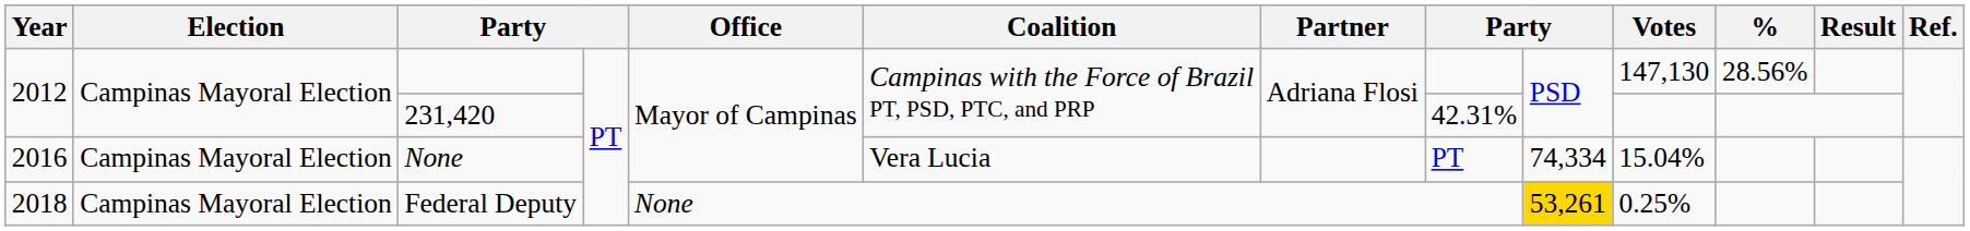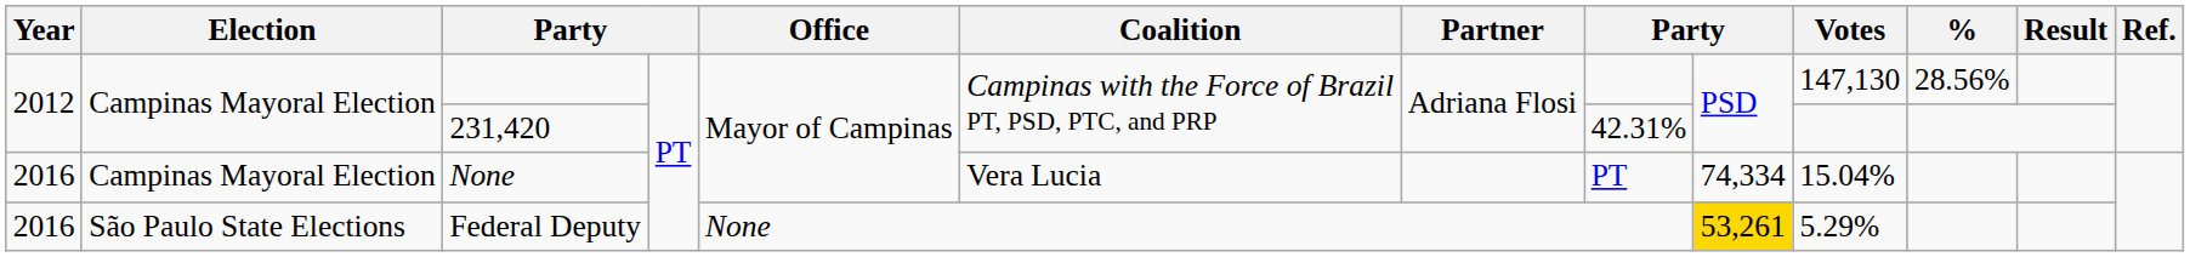 <table class="wikitable">
 <tr>
 <th>Year</th>
 <th>Election</th>
 <th colspan="2">Party</th>
 <th>Office</th>
 <th>Coalition</th>
 <th>Partner</th>
 <th colspan="2">Party</th>
 <th>Votes</th>
 <th>%</th>
 <th>Result</th>
 <th>Ref.</th>
 </tr>
 <tr>
 <td rowspan="2">2012</td>
 <td rowspan="2">Campinas Mayoral Election</td>
 <td style="background-color:"></td>
 <td rowspan="4"><a href='#'>PT</a></td>
 <td rowspan="3">Mayor of Campinas</td>
 <td rowspan="2"><em>Campinas with the Force of Brazil</em><br><small>PT, PSD, PTC, and PRP</small></td>
 <td rowspan="2">Adriana Flosi</td>
 <td style="background-color:"></td>
 <td rowspan="2"><a href='#'>PSD</a></td>
 <td>147,130</td>
 <td>28.56%</td>
 <td></td>
 <td rowspan="2"></td>
 </tr>
 <tr>
 <td>231,420</td>
 <td>42.31%</td>
 <td></td>
 </tr>
 <tr>
 <td>2016</td>
 <td>Campinas Mayoral Election</td>
 <td><em>None</em></td>
 <td>Vera Lucia</td>
 <td style="background-color:"></td>
 <td><a href='#'>PT</a></td>
 <td>74,334</td>
 <td>15.04%</td>
 <td></td>
 <td></td>
 </tr>
 <tr>
-<td>2018</td>
-<td>Campinas Mayoral Election</td>
+<td>2016</td>
+<td>São Paulo State Elections</td>
 <td>Federal Deputy</td>
 <td colspan="4"><em>None</em></td>
 <td style="background: gold;">53,261</td>
-<td>0.25%</td>
+<td>5.29%</td>
 <td></td>
 <td></td>
 </tr>
 </table>
